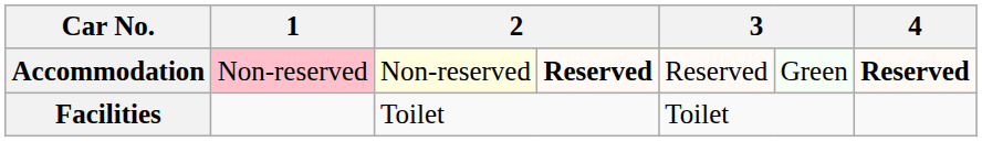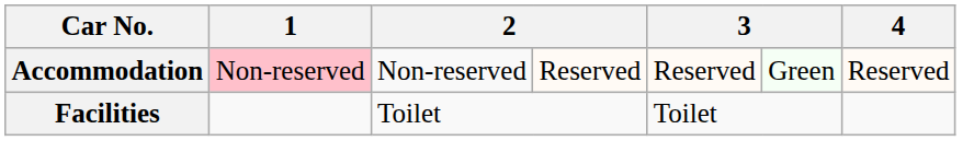 <table class="wikitable">
 <tr>
 <th>Car No.</th>
 <th>1</th>
 <th colspan=2>2</th>
 <th colspan=2>3</th>
 <th>4</th>
 </tr>
 <tr>
 <th>Accommodation</th>
 <td style="background: pink;">Non-reserved</td>
-<td style="background: lightyellow;">Non-reserved</td>
-<td style="background: #FFFAF5"><strong>Reserved</strong></td>
+<td>Non-reserved</td>
+<td style="background: #FFFAF5">Reserved</td>
 <td style="background: #FFFAF5">Reserved</td>
 <td style="background: #F5FFF5">Green</td>
-<td style="background: #FFFAF5"><strong>Reserved</strong></td>
+<td style="background: #FFFAF5">Reserved</td>
 </tr>
 <tr>
 <th>Facilities</th>
 <td> </td>
 <td colspan=2>Toilet</td>
 <td colspan=2>Toilet</td>
 <td> </td>
 </tr>
 </table>
